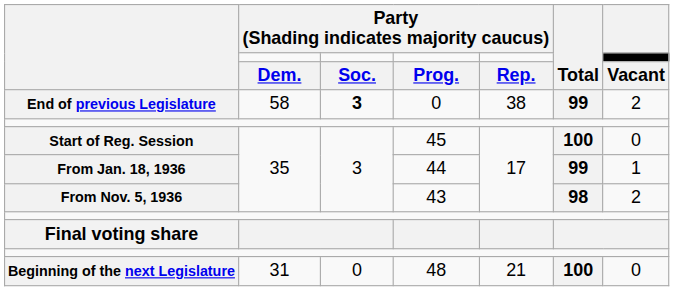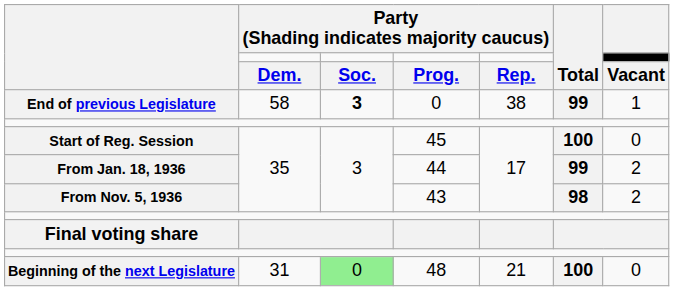 <table class=wikitable style="text-align:center">
 <tr style="vertical-align:bottom;">
 <th rowspan=3></th>
 <th colspan=4>Party <div>(Shading indicates majority caucus)</div></th>
 <th rowspan=3>Total</th>
 <th></th>
 </tr>
 <tr style="height:5px">
 <td style="background-color:"></td>
 <td style="background-color:"></td>
 <td style="background-color:"></td>
 <td style="background-color:"></td>
 <td style="background:black;"></td>
 </tr>
 <tr>
 <th><a href='#'>Dem.</a></th>
 <th><a href='#'>Soc.</a></th>
 <th><a href='#'>Prog.</a></th>
 <th><a href='#'>Rep.</a></th>
 <th>Vacant</th>
 </tr>
 <tr>
 <th style="font-size:80%;">End of <a href='#'>previous Legislature</a></th>
 <td>58</td>
 <td><strong>3</strong></td>
 <td>0</td>
 <td>38</td>
 <th>99</th>
-<td>2</td>
+<td>1</td>
 </tr>
 <tr>
 <td colspan=7></td>
 </tr>
 <tr>
 <th style="font-size:80%;">Start of Reg. Session</th>
 <td rowspan="3">35</td>
 <td rowspan="3">3</td>
 <td>45</td>
 <td rowspan="3">17</td>
 <th>100</th>
 <td>0</td>
 </tr>
 <tr>
 <th style="font-size:80%;">From Jan. 18, 1936</th>
 <td>44</td>
 <th>99</th>
-<td>1</td>
+<td>2</td>
 </tr>
 <tr>
 <th style="font-size:80%;">From Nov. 5, 1936</th>
 <td>43</td>
 <th>98</th>
 <td>2</td>
 </tr>
 <tr>
 <td colspan=7></td>
 </tr>
 <tr>
 <th>Final voting share</th>
 <th colspan="2"></th>
 <th></th>
 <th></th>
 <th colspan=2></th>
 </tr>
 <tr>
 <td colspan=7></td>
 </tr>
 <tr>
 <th style="font-size:80%;">Beginning of the <a href='#'>next Legislature</a></th>
 <td>31</td>
-<td>0</td>
+<td style="background: lightgreen;">0</td>
 <td>48</td>
 <td>21</td>
 <th>100</th>
 <td>0</td>
 </tr>
 </table>
